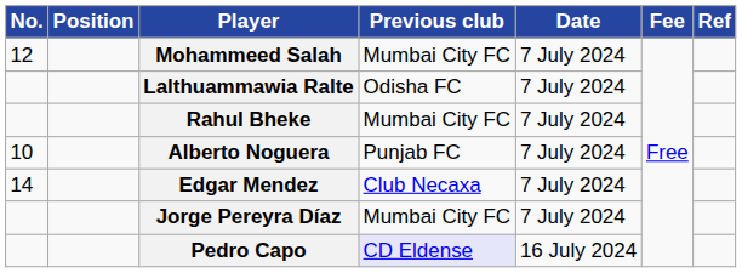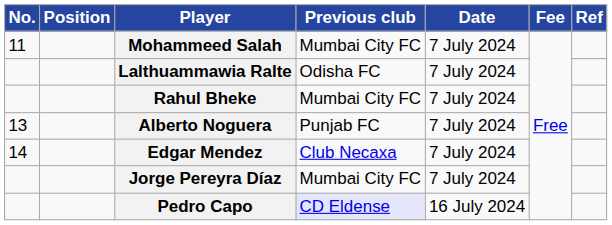 <table class="wikitable plainrowheaders" style="text-align:center; text-align:left">
 <tr>
 <th style="background:#2545A0; color:#FFFFFF; ">No.</th>
 <th scope="col" style="background:#2545A0; color:#FFFFFF; ">Position</th>
 <th scope="col" style="background:#2545A0; color:#FFFFFF; ">Player</th>
 <th scope="col" style="background:#2545A0; color:#FFFFFF; ">Previous club</th>
 <th scope="col" style="background:#2545A0; color:#FFFFFF; ">Date</th>
 <th scope="col" style="background:#2545A0; color:#FFFFFF; ">Fee</th>
 <th scope="col" style="background:#2545A0; color:#FFFFFF; ">Ref</th>
 </tr>
 <tr>
-<td>12</td>
+<td>11</td>
 <td></td>
 <th scope="row"> Mohammeed Salah</th>
 <td> Mumbai City FC</td>
 <td>7 July 2024</td>
 <td rowspan="10"><a href='#'>Free</a></td>
 <td></td>
 </tr>
 <tr>
 <td></td>
 <td></td>
 <th scope="row"> Lalthuammawia Ralte</th>
 <td> Odisha FC</td>
 <td>7 July 2024</td>
 <td></td>
 </tr>
 <tr>
 <td></td>
 <td></td>
 <th scope="row"> Rahul Bheke</th>
 <td> Mumbai City FC</td>
 <td>7 July 2024</td>
 <td></td>
 </tr>
 <tr>
-<td>10</td>
+<td>13</td>
 <td></td>
 <th scope="row"> Alberto Noguera</th>
 <td> Punjab FC</td>
 <td>7 July 2024</td>
 <td></td>
 </tr>
 <tr>
 <td>14</td>
 <td></td>
 <th scope="row"> Edgar Mendez</th>
 <td> <a href='#'>Club Necaxa</a></td>
 <td>7 July 2024</td>
 <td></td>
 </tr>
 <tr>
 <td></td>
 <td></td>
 <th scope="row"> Jorge Pereyra Díaz</th>
 <td> Mumbai City FC</td>
 <td>7 July 2024</td>
 <td></td>
 </tr>
 <tr>
 <td></td>
 <td></td>
 <th scope="row"> Pedro Capo</th>
 <td style="background: lavender;"> <a href='#'>CD Eldense</a></td>
 <td>16 July 2024</td>
 <td></td>
 </tr>
 </table>
